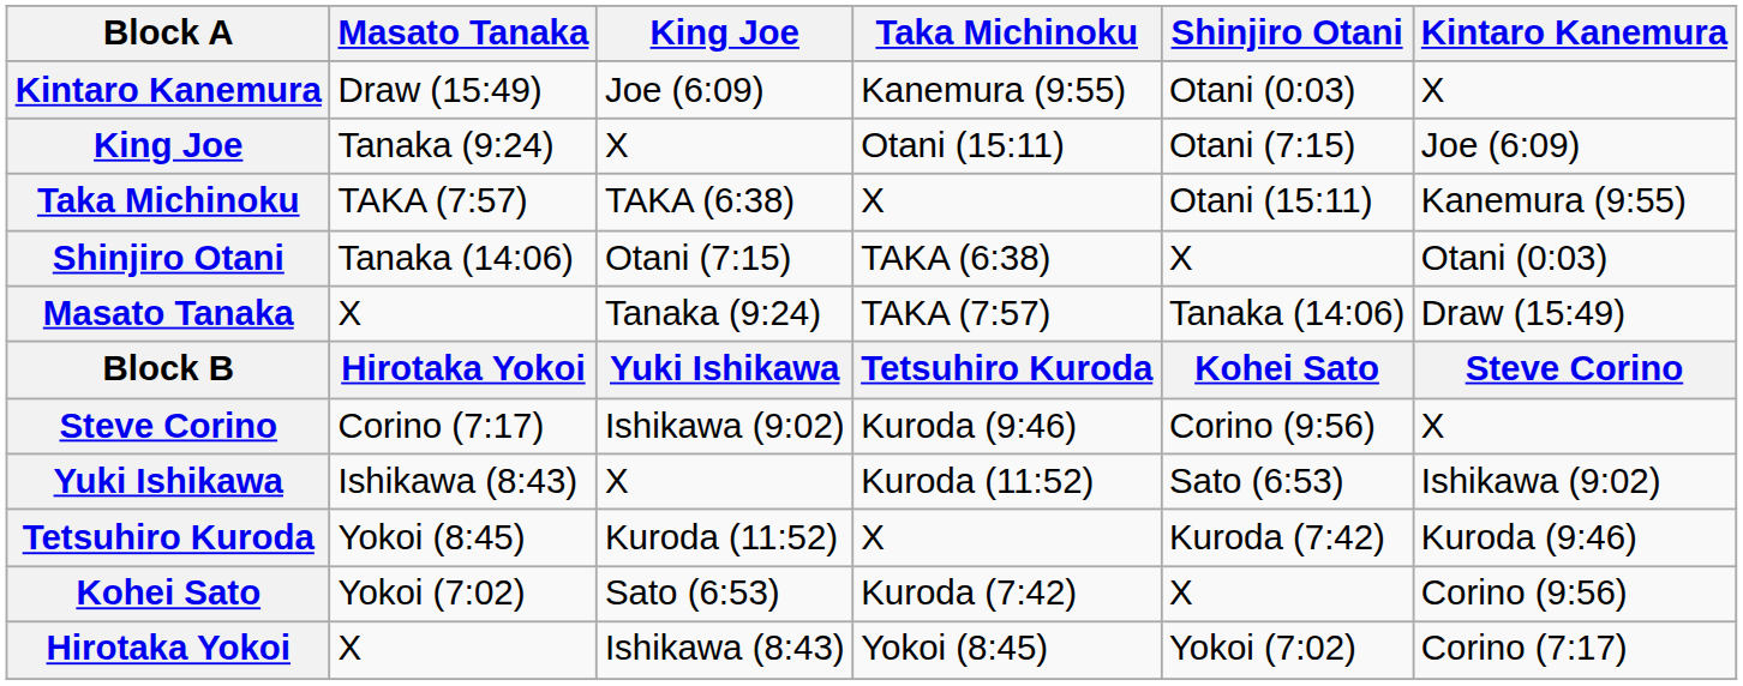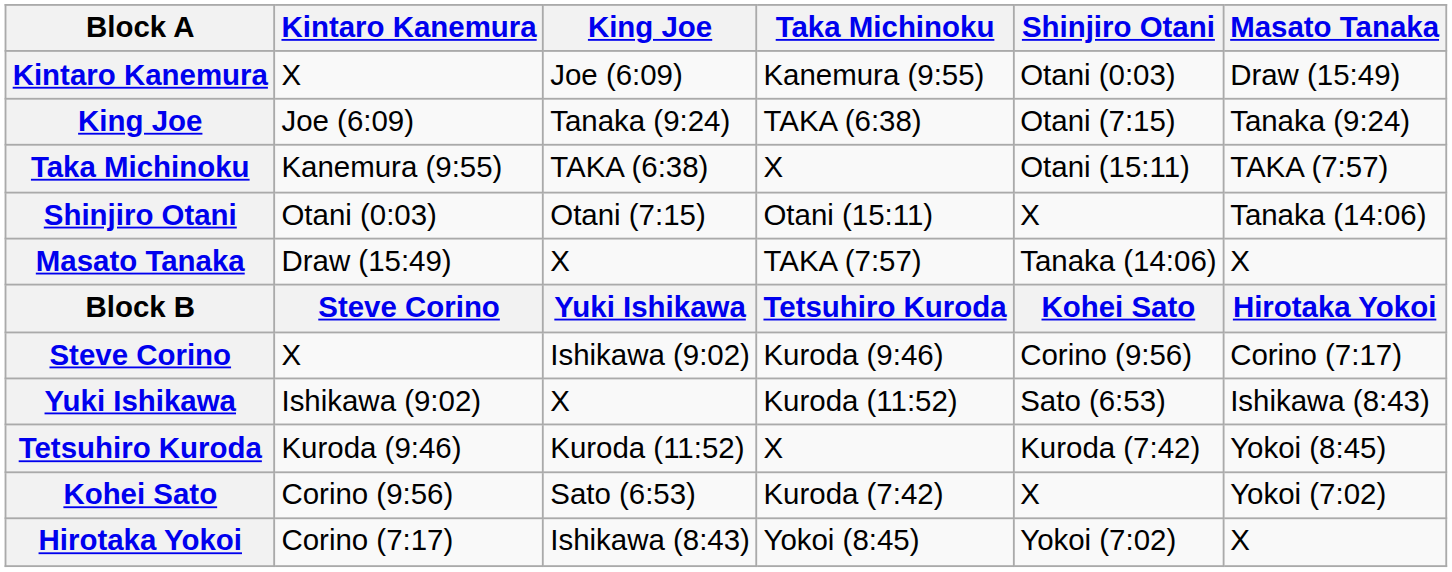 <table class="wikitable" style="margin: 1em auto 1em auto">
 <tr>
 <th>Block A</th>
-<th><a href='#'>Masato Tanaka</a></th>
+<th><a href='#'>Kintaro Kanemura</a></th>
 <th><a href='#'>King Joe</a></th>
 <th><a href='#'>Taka Michinoku</a></th>
 <th><a href='#'>Shinjiro Otani</a></th>
-<th><a href='#'>Kintaro Kanemura</a></th>
+<th><a href='#'>Masato Tanaka</a></th>
 </tr>
 <tr>
 <th><a href='#'>Kintaro Kanemura</a></th>
-<td>Draw (15:49)</td>
+<td>X</td>
 <td>Joe (6:09)</td>
 <td>Kanemura (9:55)</td>
 <td>Otani (0:03)</td>
+<td>Draw (15:49)</td>
+</tr>
+<tr>
+<th><a href='#'>King Joe</a></th>
+<td>Joe (6:09)</td>
+<td>Tanaka (9:24)</td>
+<td>TAKA (6:38)</td>
+<td>Otani (7:15)</td>
+<td>Tanaka (9:24)</td>
+</tr>
+<tr>
+<th><a href='#'>Taka Michinoku</a></th>
+<td>Kanemura (9:55)</td>
+<td>TAKA (6:38)</td>
+<td>X</td>
+<td>Otani (15:11)</td>
+<td>TAKA (7:57)</td>
+</tr>
+<tr>
+<th><a href='#'>Shinjiro Otani</a></th>
+<td>Otani (0:03)</td>
+<td>Otani (7:15)</td>
+<td>Otani (15:11)</td>
+<td>X</td>
+<td>Tanaka (14:06)</td>
+</tr>
+<tr>
+<th><a href='#'>Masato Tanaka</a></th>
+<td>Draw (15:49)</td>
+<td>X</td>
+<td>TAKA (7:57)</td>
+<td>Tanaka (14:06)</td>
 <td>X</td>
 </tr>
 <tr>
-<th><a href='#'>King Joe</a></th>
-<td>Tanaka (9:24)</td>
-<td>X</td>
-<td>Otani (15:11)</td>
-<td>Otani (7:15)</td>
-<td>Joe (6:09)</td>
-</tr>
-<tr>
-<th><a href='#'>Taka Michinoku</a></th>
-<td>TAKA (7:57)</td>
-<td>TAKA (6:38)</td>
-<td>X</td>
-<td>Otani (15:11)</td>
-<td>Kanemura (9:55)</td>
-</tr>
-<tr>
-<th><a href='#'>Shinjiro Otani</a></th>
-<td>Tanaka (14:06)</td>
-<td>Otani (7:15)</td>
-<td>TAKA (6:38)</td>
-<td>X</td>
-<td>Otani (0:03)</td>
-</tr>
-<tr>
-<th><a href='#'>Masato Tanaka</a></th>
-<td>X</td>
-<td>Tanaka (9:24)</td>
-<td>TAKA (7:57)</td>
-<td>Tanaka (14:06)</td>
-<td>Draw (15:49)</td>
-</tr>
-<tr>
 <th>Block B</th>
-<th><a href='#'>Hirotaka Yokoi</a></th>
+<th><a href='#'>Steve Corino</a></th>
 <th><a href='#'>Yuki Ishikawa</a></th>
 <th><a href='#'>Tetsuhiro Kuroda</a></th>
 <th><a href='#'>Kohei Sato</a></th>
-<th><a href='#'>Steve Corino</a></th>
+<th><a href='#'>Hirotaka Yokoi</a></th>
 </tr>
 <tr>
 <th><a href='#'>Steve Corino</a></th>
-<td>Corino (7:17)</td>
+<td>X</td>
 <td>Ishikawa (9:02)</td>
 <td>Kuroda (9:46)</td>
 <td>Corino (9:56)</td>
-<td>X</td>
+<td>Corino (7:17)</td>
 </tr>
 <tr>
 <th><a href='#'>Yuki Ishikawa</a></th>
-<td>Ishikawa (8:43)</td>
+<td>Ishikawa (9:02)</td>
 <td>X</td>
 <td>Kuroda (11:52)</td>
 <td>Sato (6:53)</td>
-<td>Ishikawa (9:02)</td>
+<td>Ishikawa (8:43)</td>
 </tr>
 <tr>
 <th><a href='#'>Tetsuhiro Kuroda</a></th>
-<td>Yokoi (8:45)</td>
+<td>Kuroda (9:46)</td>
 <td>Kuroda (11:52)</td>
 <td>X</td>
 <td>Kuroda (7:42)</td>
-<td>Kuroda (9:46)</td>
+<td>Yokoi (8:45)</td>
 </tr>
 <tr>
 <th><a href='#'>Kohei Sato</a></th>
-<td>Yokoi (7:02)</td>
+<td>Corino (9:56)</td>
 <td>Sato (6:53)</td>
 <td>Kuroda (7:42)</td>
 <td>X</td>
-<td>Corino (9:56)</td>
+<td>Yokoi (7:02)</td>
 </tr>
 <tr>
 <th><a href='#'>Hirotaka Yokoi</a></th>
-<td>X</td>
+<td>Corino (7:17)</td>
 <td>Ishikawa (8:43)</td>
 <td>Yokoi (8:45)</td>
 <td>Yokoi (7:02)</td>
-<td>Corino (7:17)</td>
+<td>X</td>
 </tr>
 </table>
